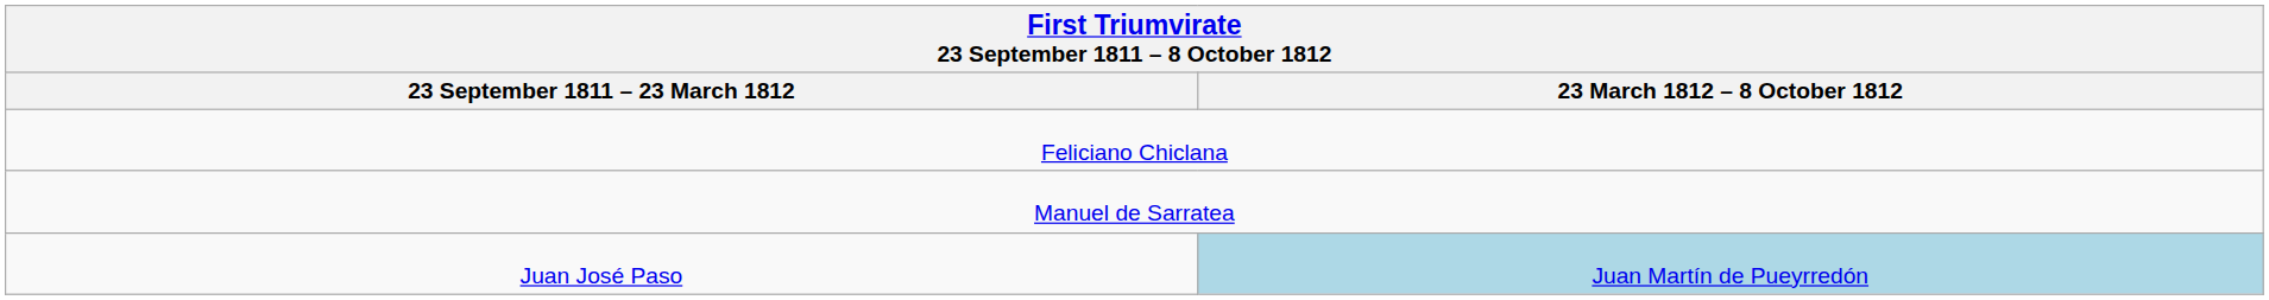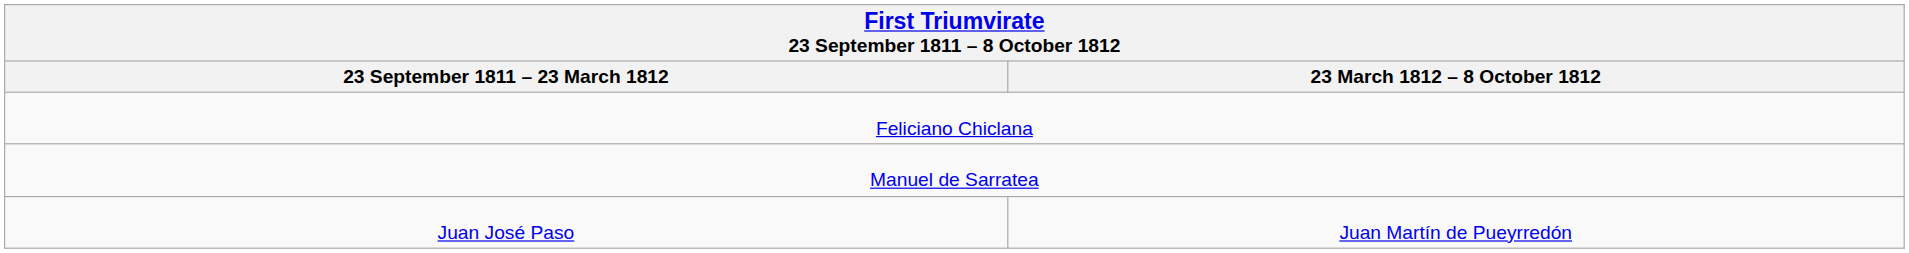 <table width=100% class="wikitable">
 <tr>
 <th colspan=4><big><a href='#'>First Triumvirate</a></big><br>23 September 1811 – 8 October 1812</th>
 </tr>
 <tr>
 <th>23 September 1811 – 23 March 1812</th>
 <th>23 March 1812 – 8 October 1812</th>
 </tr>
 <tr>
 <td colspan="2" style="vertical-align: top;" align="center"><br><a href='#'>Feliciano Chiclana</a><br></td>
 </tr>
 <tr>
 <td colspan="2" style="vertical-align: top;" align="center"><br><a href='#'>Manuel de Sarratea</a><br></td>
 </tr>
 <tr>
 <td style="vertical-align: top;" align="center"><br><a href='#'>Juan José Paso</a><br></td>
-<td style="background: lightblue; vertical-align: top;" align="center"><br><a href='#'>Juan Martín de Pueyrredón</a><br></td>
+<td style="vertical-align: top;" align="center"><br><a href='#'>Juan Martín de Pueyrredón</a><br></td>
 </tr>
 </table>
